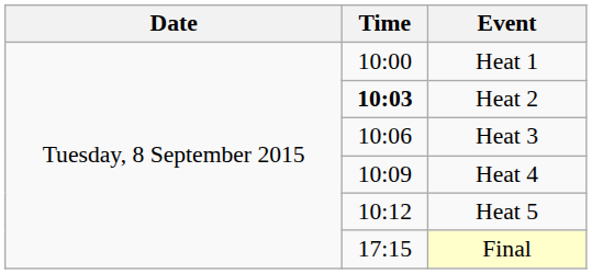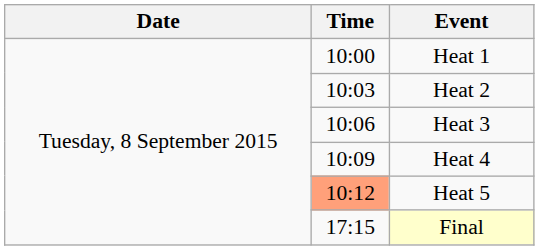 <table class = "wikitable" style="text-align:center;">
 <tr>
 <th width=220>Date</th>
 <th width=50>Time</th>
 <th width=100>Event</th>
 </tr>
 <tr>
 <td rowspan=6>Tuesday, 8 September 2015</td>
 <td>10:00</td>
 <td>Heat 1</td>
 </tr>
 <tr>
-<td><strong>10:03</strong></td>
+<td>10:03</td>
 <td>Heat 2</td>
 </tr>
 <tr>
 <td>10:06</td>
 <td>Heat 3</td>
 </tr>
 <tr>
 <td>10:09</td>
 <td>Heat 4</td>
 </tr>
 <tr>
-<td>10:12</td>
+<td style="background: lightsalmon;">10:12</td>
 <td>Heat 5</td>
 </tr>
 <tr>
 <td>17:15</td>
 <td bgcolor=ffffcc>Final</td>
 </tr>
 </table>
